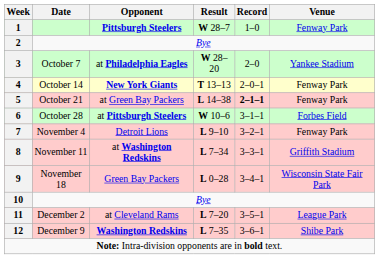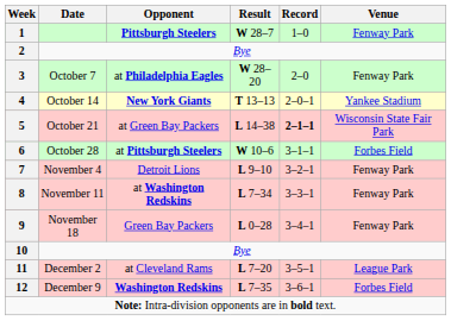 <table class="wikitable" style="text-align:center">
 <tr>
 <th>Week</th>
 <th>Date</th>
 <th>Opponent</th>
 <th>Result</th>
 <th>Record</th>
 <th>Venue</th>
 </tr>
 <tr style="background:#cfc">
 <th>1</th>
 <td></td>
 <td><strong><a href='#'>Pittsburgh Steelers</a></strong></td>
 <td><strong>W</strong> 28–7</td>
 <td>1–0</td>
 <td><a href='#'>Fenway Park</a></td>
 </tr>
 <tr>
 <th>2</th>
 <td colspan="6"><em><a href='#'>Bye</a></em></td>
 </tr>
 <tr style="background:#cfc">
 <th>3</th>
 <td>October 7</td>
 <td>at <strong><a href='#'>Philadelphia Eagles</a></strong></td>
 <td><strong>W</strong> 28–20</td>
 <td>2–0</td>
-<td><a href='#'>Yankee Stadium</a></td>
+<td>Fenway Park</td>
 </tr>
 <tr style="background:#ffc">
 <th>4</th>
 <td>October 14</td>
 <td><strong><a href='#'>New York Giants</a></strong></td>
 <td><strong>T</strong> 13–13</td>
 <td>2–0–1</td>
-<td>Fenway Park</td>
+<td><a href='#'>Yankee Stadium</a></td>
 </tr>
 <tr style="background:#fcc">
 <th>5</th>
 <td>October 21</td>
 <td>at <a href='#'>Green Bay Packers</a></td>
 <td><strong>L</strong> 14–38</td>
 <td><strong>2–1–1</strong></td>
-<td>Fenway Park</td>
+<td><a href='#'>Wisconsin State Fair Park</a></td>
 </tr>
 <tr style="background:#cfc">
 <th>6</th>
 <td>October 28</td>
 <td>at <strong><a href='#'>Pittsburgh Steelers</a></strong></td>
 <td><strong>W</strong> 10–6</td>
 <td>3–1–1</td>
 <td><a href='#'>Forbes Field</a></td>
 </tr>
 <tr style="background:#fcc">
 <th>7</th>
 <td>November 4</td>
 <td><a href='#'>Detroit Lions</a></td>
 <td><strong>L</strong> 9–10</td>
 <td>3–2–1</td>
 <td>Fenway Park</td>
 </tr>
 <tr style="background:#fcc">
 <th>8</th>
 <td>November 11</td>
 <td>at <strong><a href='#'>Washington Redskins</a></strong></td>
 <td><strong>L</strong> 7–34</td>
 <td>3–3–1</td>
-<td><a href='#'>Griffith Stadium</a></td>
+<td>Fenway Park</td>
 </tr>
 <tr style="background:#fcc">
 <th>9</th>
 <td>November 18</td>
 <td><a href='#'>Green Bay Packers</a></td>
 <td><strong>L</strong> 0–28</td>
 <td>3–4–1</td>
-<td><a href='#'>Wisconsin State Fair Park</a></td>
+<td>Fenway Park</td>
 </tr>
 <tr>
 <th>10</th>
 <td colspan="6"><em><a href='#'>Bye</a></em></td>
 </tr>
 <tr style="background:#fcc">
 <th>11</th>
 <td>December 2</td>
 <td>at <a href='#'>Cleveland Rams</a></td>
 <td><strong>L</strong> 7–20</td>
 <td>3–5–1</td>
 <td><a href='#'>League Park</a></td>
 </tr>
 <tr style="background:#fcc">
 <th>12</th>
 <td>December 9</td>
 <td><strong><a href='#'>Washington Redskins</a></strong></td>
 <td><strong>L</strong> 7–35</td>
 <td>3–6–1</td>
-<td><a href='#'>Shibe Park</a></td>
+<td><a href='#'>Forbes Field</a></td>
 </tr>
 <tr>
 <td colspan="8"><strong>Note:</strong> Intra-division opponents are in <strong>bold</strong> text.</td>
 </tr>
 </table>
